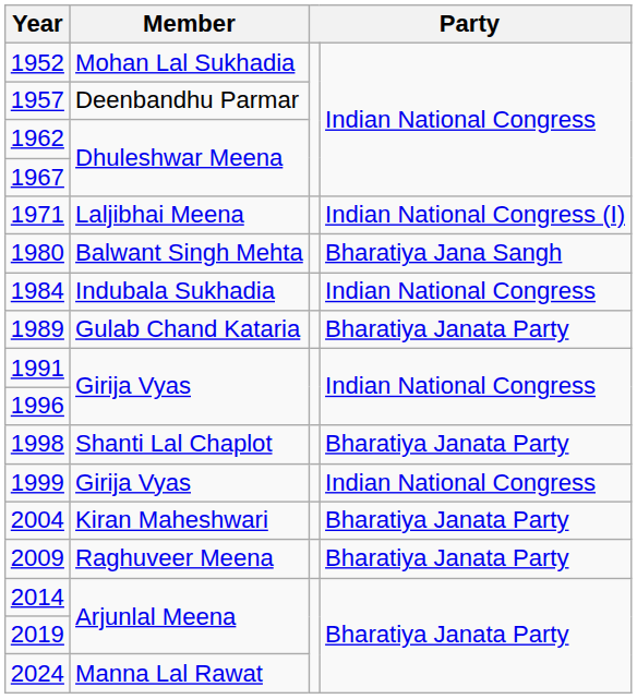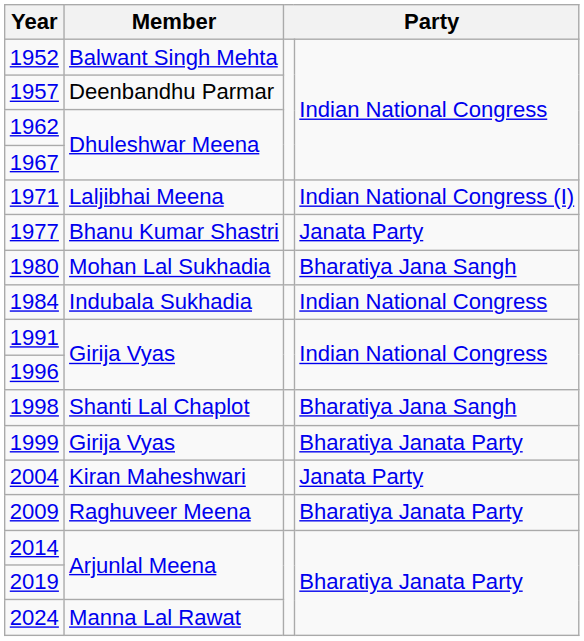 <table class="wikitable">
 <tr>
 <th>Year</th>
 <th>Member</th>
 <th colspan="2">Party</th>
 </tr>
 <tr>
 <td><a href='#'>1952</a></td>
-<td><a href='#'>Mohan Lal Sukhadia</a></td>
+<td><a href='#'>Balwant Singh Mehta</a></td>
 <td rowspan="4" style="background-color: "></td>
 <td rowspan="4"><a href='#'>Indian National Congress</a></td>
 </tr>
 <tr>
 <td><a href='#'>1957</a></td>
 <td>Deenbandhu Parmar</td>
 </tr>
 <tr>
 <td><a href='#'>1962</a></td>
 <td rowspan="2"><a href='#'>Dhuleshwar Meena</a></td>
 </tr>
 <tr>
 <td><a href='#'>1967</a></td>
 </tr>
 <tr>
 <td><a href='#'>1971</a></td>
 <td><a href='#'>Laljibhai Meena</a></td>
 <td style="background-color: "></td>
 <td><a href='#'>Indian National Congress (I)</a></td>
 </tr>
 <tr>
+<td><a href='#'>1977</a></td>
+<td><a href='#'>Bhanu Kumar Shastri</a></td>
+<td style="background-color: "></td>
+<td><a href='#'>Janata Party</a></td>
+</tr>
+<tr>
 <td><a href='#'>1980</a></td>
-<td><a href='#'>Balwant Singh Mehta</a></td>
+<td><a href='#'>Mohan Lal Sukhadia</a></td>
 <td style="background-color: "></td>
 <td><a href='#'>Bharatiya Jana Sangh</a></td>
 </tr>
 <tr>
 <td><a href='#'>1984</a></td>
 <td><a href='#'>Indubala Sukhadia</a></td>
 <td style="background-color: "></td>
 <td><a href='#'>Indian National Congress</a></td>
-</tr>
-<tr>
-<td><a href='#'>1989</a></td>
-<td><a href='#'>Gulab Chand Kataria</a></td>
-<td style="background-color: "></td>
-<td><a href='#'>Bharatiya Janata Party</a></td>
 </tr>
 <tr>
 <td><a href='#'>1991</a></td>
 <td rowspan="2"><a href='#'>Girija Vyas</a></td>
 <td rowspan="2" style="background-color: "></td>
 <td rowspan="2"><a href='#'>Indian National Congress</a></td>
 </tr>
 <tr>
 <td><a href='#'>1996</a></td>
 </tr>
 <tr>
 <td><a href='#'>1998</a></td>
 <td><a href='#'>Shanti Lal Chaplot</a></td>
 <td style="background-color: "></td>
-<td><a href='#'>Bharatiya Janata Party</a></td>
+<td><a href='#'>Bharatiya Jana Sangh</a></td>
 </tr>
 <tr>
 <td><a href='#'>1999</a></td>
 <td><a href='#'>Girija Vyas</a></td>
 <td style="background-color: "></td>
-<td><a href='#'>Indian National Congress</a></td>
+<td><a href='#'>Bharatiya Janata Party</a></td>
 </tr>
 <tr>
 <td><a href='#'>2004</a></td>
 <td><a href='#'>Kiran Maheshwari</a></td>
 <td style="background-color: "></td>
-<td><a href='#'>Bharatiya Janata Party</a></td>
+<td><a href='#'>Janata Party</a></td>
 </tr>
 <tr>
 <td><a href='#'>2009</a></td>
 <td><a href='#'>Raghuveer Meena</a></td>
 <td style="background-color: "></td>
 <td><a href='#'>Bharatiya Janata Party</a></td>
 </tr>
 <tr>
 <td><a href='#'>2014</a></td>
 <td rowspan="2"><a href='#'>Arjunlal Meena</a></td>
 <td rowspan="3" style="background-color: "></td>
 <td rowspan="3"><a href='#'>Bharatiya Janata Party</a></td>
 </tr>
 <tr>
 <td><a href='#'>2019</a></td>
 </tr>
 <tr>
 <td><a href='#'>2024</a></td>
 <td><a href='#'>Manna Lal Rawat</a></td>
 </tr>
 </table>
